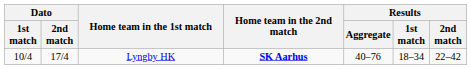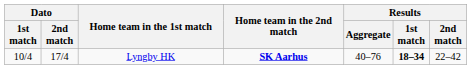 <table class="wikitable" style="text-align:center; margin-left:1em;">
 <tr>
 <th colspan="2">Dato</th>
 <th rowspan="2" style="width:220px;">Home team in the 1st match</th>
 <th rowspan="2" style="width:180px;">Home team in the 2nd match</th>
 <th colspan="3">Results</th>
 </tr>
 <tr>
 <th style="width:50px;">1st match</th>
 <th style="width:50px;">2nd match</th>
 <th style="width:50px;">Aggregate</th>
 <th style="width:50px;">1st match</th>
 <th style="width:50px;">2nd match</th>
 </tr>
 <tr>
 <td>10/4</td>
 <td>17/4</td>
 <td><a href='#'>Lyngby HK</a></td>
 <td><strong><a href='#'>SK Aarhus</a></strong></td>
 <td>40–76</td>
-<td>18–34</td>
+<td><strong>18–34</strong></td>
 <td>22–42</td>
 </tr>
 </table>
